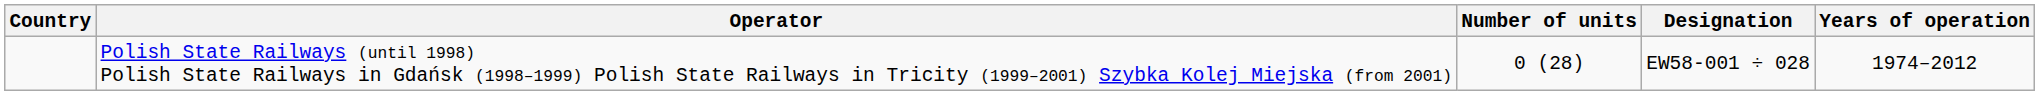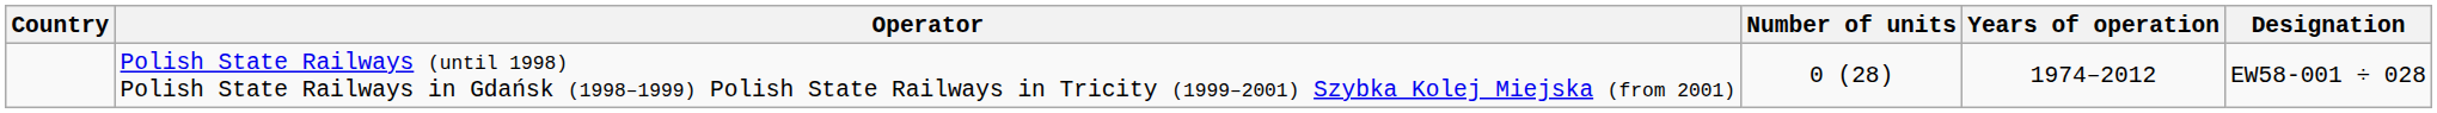 <table class="wikitable" style="text-align:center;">
 <tr>
 <th>Country</th>
 <th>Operator</th>
 <th>Number of units</th>
+<th>Years of operation</th>
 <th>Designation</th>
-<th>Years of operation</th>
 </tr>
 <tr>
 <td align="left"></td>
 <td align="left"><a href='#'>Polish State Railways</a> <small>(until 1998)</small><br>Polish State Railways in Gdańsk <small>(1998–1999)</small> Polish State Railways in Tricity <small>(1999–2001)</small> <a href='#'>Szybka Kolej Miejska</a> <small>(from 2001)</small></td>
 <td>0 (28)</td>
+<td>1974–2012</td>
 <td>EW58-001 ÷ 028</td>
-<td>1974–2012</td>
 </tr>
 </table>
